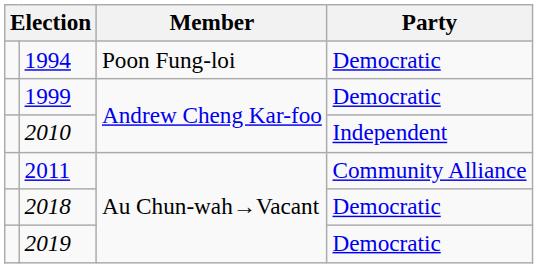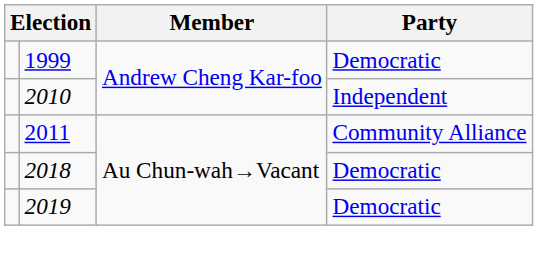 <table class="wikitable">
 <tr>
 <th colspan="2">Election</th>
 <th>Member</th>
 <th>Party</th>
-</tr>
-<tr>
-<td style="background-color: "></td>
-<td><a href='#'>1994</a></td>
-<td>Poon Fung-loi</td>
-<td><a href='#'>Democratic</a></td>
 </tr>
 <tr>
 <td style="background-color: "></td>
 <td><a href='#'>1999</a></td>
 <td rowspan=2><a href='#'>Andrew Cheng Kar-foo</a></td>
 <td><a href='#'>Democratic</a></td>
 </tr>
 <tr>
 <td style="background-color: "></td>
 <td><em>2010</em></td>
 <td><a href='#'>Independent</a></td>
 </tr>
 <tr>
 <td style="background-color: "></td>
 <td><a href='#'>2011</a></td>
 <td rowspan=3>Au Chun-wah→Vacant</td>
 <td><a href='#'>Community Alliance</a></td>
 </tr>
 <tr>
 <td style="background-color: "></td>
 <td><em>2018</em></td>
 <td><a href='#'>Democratic</a></td>
 </tr>
 <tr>
 <td style="background-color: "></td>
 <td><em>2019</em></td>
 <td><a href='#'>Democratic</a></td>
 </tr>
 </table>
